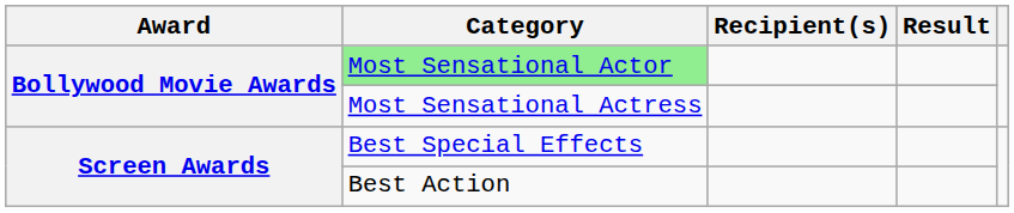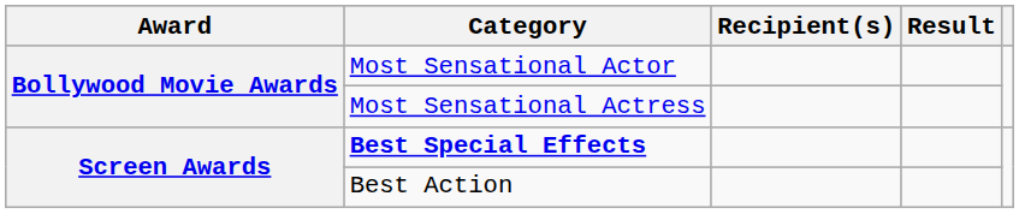 <table class="wikitable plainrowheaders sortable">
 <tr>
 <th scope="col">Award</th>
 <th scope="col">Category</th>
 <th scope="col">Recipient(s)</th>
 <th scope="col">Result</th>
 <th scope="col" class="unsortable"></th>
 </tr>
 <tr>
 <th scope="row" rowspan="2"><a href='#'>Bollywood Movie Awards</a></th>
-<td style="background: lightgreen;"><a href='#'>Most Sensational Actor</a></td>
+<td><a href='#'>Most Sensational Actor</a></td>
 <td></td>
 <td></td>
 <td style="text-align:center;" rowspan="2"></td>
 </tr>
 <tr>
 <td><a href='#'>Most Sensational Actress</a></td>
 <td></td>
 <td></td>
 </tr>
 <tr>
 <th scope="row" rowspan="2"><a href='#'>Screen Awards</a></th>
-<td><a href='#'>Best Special Effects</a></td>
+<td><strong><a href='#'>Best Special Effects</a></strong></td>
 <td></td>
 <td></td>
 <td style="text-align:center;" rowspan="2"></td>
 </tr>
 <tr>
 <td>Best Action</td>
 <td></td>
 <td></td>
 </tr>
 </table>
